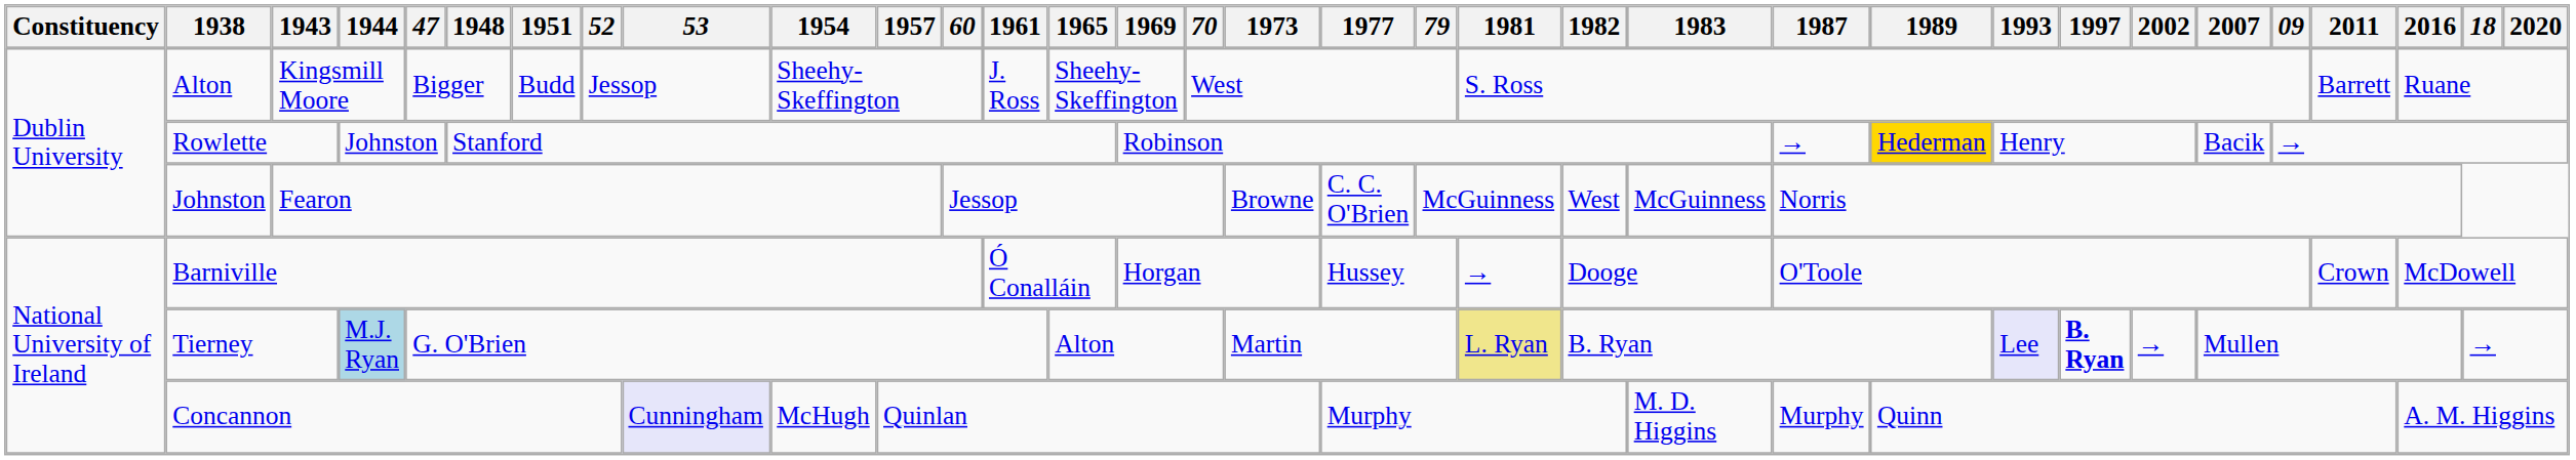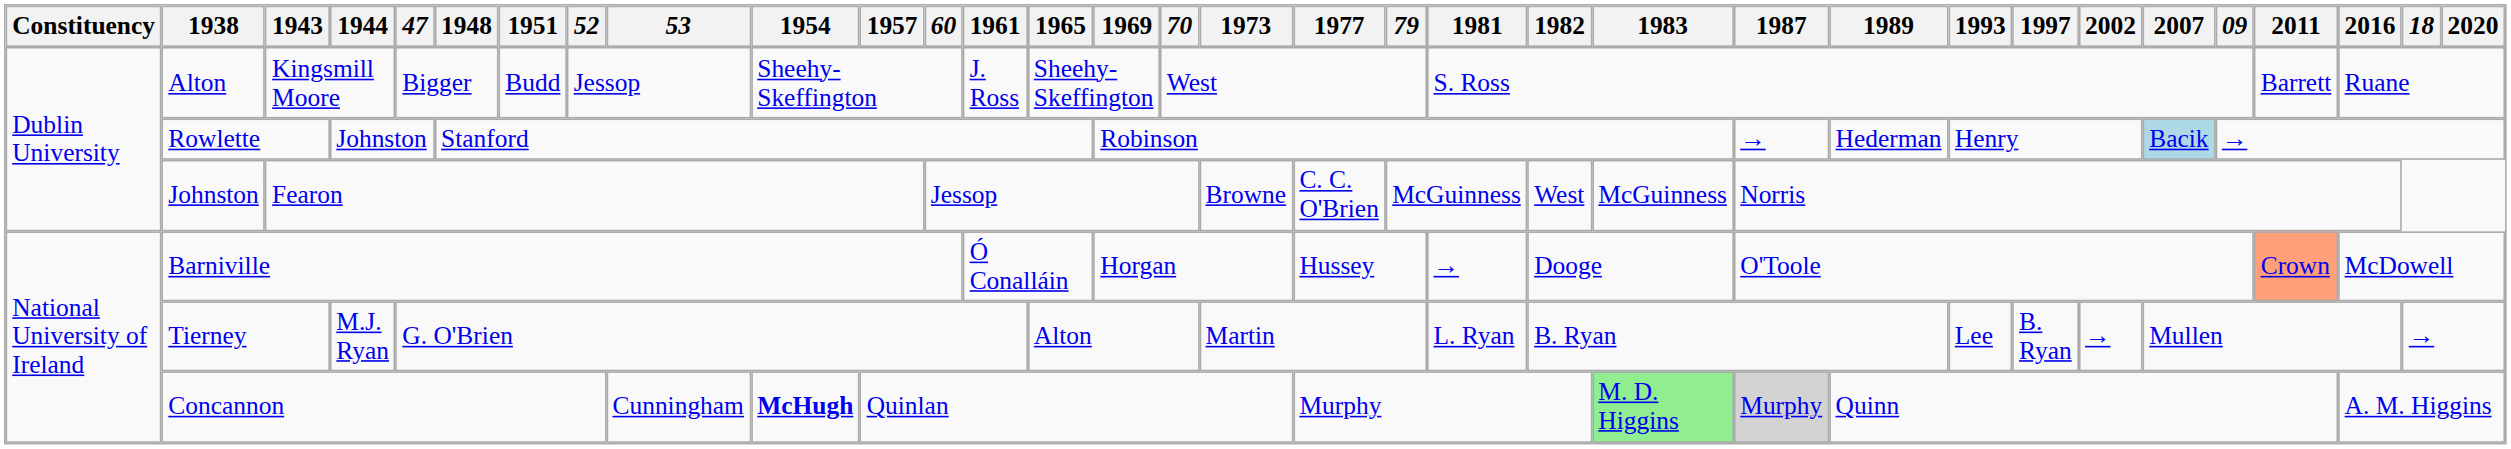 <table class="wikitable" style="border-collapse: separate; border-spacing: 0;">
 <tr>
 <th>Constituency</th>
 <th>1938</th>
 <th>1943</th>
 <th>1944</th>
 <th><em>47</em></th>
 <th>1948</th>
 <th>1951</th>
 <th><em>52</em></th>
 <th><em>53</em></th>
 <th>1954</th>
 <th>1957</th>
 <th><em>60</em></th>
 <th>1961</th>
 <th>1965</th>
 <th>1969</th>
 <th><em>70</em></th>
 <th>1973</th>
 <th>1977</th>
 <th><em>79</em></th>
 <th>1981</th>
 <th>1982</th>
 <th>1983</th>
 <th>1987</th>
 <th>1989</th>
 <th>1993</th>
 <th>1997</th>
 <th>2002</th>
 <th>2007</th>
 <th><em>09</em></th>
 <th>2011</th>
 <th>2016</th>
 <th><em>18</em></th>
 <th>2020</th>
 </tr>
 <tr>
 <td rowspan="3"><a href='#'>Dublin University</a></td>
 <td colspan="1"><a href='#'>Alton</a></td>
 <td colspan="2"><a href='#'>Kingsmill Moore</a></td>
 <td colspan="2"><a href='#'>Bigger</a></td>
 <td colspan="1"><a href='#'>Budd</a></td>
 <td colspan="2"><a href='#'>Jessop</a></td>
 <td colspan="3"><a href='#'>Sheehy-Skeffington</a></td>
 <td colspan="1"><a href='#'>J. Ross</a></td>
 <td colspan="2"><a href='#'>Sheehy-Skeffington</a></td>
 <td colspan="4"><a href='#'>West</a></td>
 <td colspan="10"><a href='#'>S. Ross</a></td>
 <td colspan="1"><a href='#'>Barrett</a></td>
 <td colspan="3"><a href='#'>Ruane</a></td>
 </tr>
 <tr>
 <td colspan="2"><a href='#'>Rowlette</a></td>
 <td colspan="2"><a href='#'>Johnston</a></td>
 <td colspan="9"><a href='#'>Stanford</a></td>
 <td colspan="8"><a href='#'>Robinson</a></td>
 <td colspan="1"><a href='#'>→</a></td>
-<td colspan="1" style="background: gold;"><a href='#'>Hederman</a></td>
+<td colspan="1"><a href='#'>Hederman</a></td>
 <td colspan="3"><a href='#'>Henry</a></td>
-<td colspan="1"><a href='#'>Bacik</a></td>
+<td colspan="1" style="background: lightblue;"><a href='#'>Bacik</a></td>
 <td colspan="5"><a href='#'>→</a></td>
 </tr>
 <tr>
 <td colspan="1"><a href='#'>Johnston</a></td>
 <td colspan="9"><a href='#'>Fearon</a></td>
 <td colspan="5"><a href='#'>Jessop</a></td>
 <td colspan="1"><a href='#'>Browne</a></td>
 <td colspan="1"><a href='#'>C. C. O'Brien</a></td>
 <td colspan="2"><a href='#'>McGuinness</a></td>
 <td colspan="1"><a href='#'>West</a></td>
 <td colspan="1"><a href='#'>McGuinness</a></td>
 <td colspan="9"><a href='#'>Norris</a></td>
 </tr>
 <tr>
 <td rowspan="3"><a href='#'>National University of Ireland</a></td>
 <td colspan="11"><a href='#'>Barniville</a></td>
 <td colspan="2"><a href='#'>Ó Conalláin</a></td>
 <td colspan="3"><a href='#'>Horgan</a></td>
 <td colspan="2"><a href='#'>Hussey</a></td>
 <td colspan="1"><a href='#'>→</a></td>
 <td colspan="2"><a href='#'>Dooge</a></td>
 <td colspan="7"><a href='#'>O'Toole</a></td>
-<td colspan="1"><a href='#'>Crown</a></td>
+<td colspan="1" style="background: lightsalmon;"><a href='#'>Crown</a></td>
 <td colspan="3"><a href='#'>McDowell</a></td>
 </tr>
 <tr>
 <td colspan="2"><a href='#'>Tierney</a></td>
-<td colspan="1" style="background: lightblue;"><a href='#'>M.J. Ryan</a></td>
+<td colspan="1"><a href='#'>M.J. Ryan</a></td>
 <td colspan="9"><a href='#'>G. O'Brien</a></td>
 <td colspan="3"><a href='#'>Alton</a></td>
 <td colspan="3"><a href='#'>Martin</a></td>
-<td colspan="1" style="background: khaki;"><a href='#'>L. Ryan</a></td>
+<td colspan="1"><a href='#'>L. Ryan</a></td>
 <td colspan="4"><a href='#'>B. Ryan</a></td>
-<td colspan="1" style="background: lavender;"><a href='#'>Lee</a></td>
-<td colspan="1"><strong><a href='#'>B. Ryan</a></strong></td>
+<td colspan="1"><a href='#'>Lee</a></td>
+<td colspan="1"><a href='#'>B. Ryan</a></td>
 <td colspan="1"><a href='#'>→</a></td>
 <td colspan="4"><a href='#'>Mullen</a></td>
 <td colspan="2"><a href='#'>→</a></td>
 </tr>
 <tr>
 <td colspan="7"><a href='#'>Concannon</a></td>
-<td colspan="1" style="background: lavender;"><a href='#'>Cunningham</a></td>
-<td colspan="1"><a href='#'>McHugh</a></td>
+<td colspan="1"><a href='#'>Cunningham</a></td>
+<td colspan="1"><strong><a href='#'>McHugh</a></strong></td>
 <td colspan="7"><a href='#'>Quinlan</a></td>
 <td colspan="4"><a href='#'>Murphy</a></td>
-<td colspan="1"><a href='#'>M. D. Higgins</a></td>
-<td colspan="1"><a href='#'>Murphy</a></td>
+<td colspan="1" style="background: lightgreen;"><a href='#'>M. D. Higgins</a></td>
+<td colspan="1" style="background: lightgrey;"><a href='#'>Murphy</a></td>
 <td colspan="7"><a href='#'>Quinn</a></td>
 <td colspan="3"><a href='#'>A. M. Higgins</a></td>
 </tr>
 </table>
